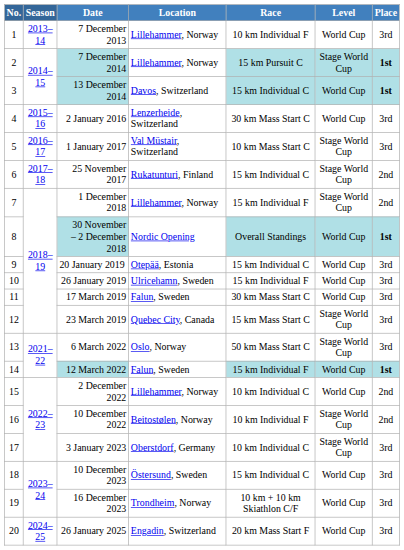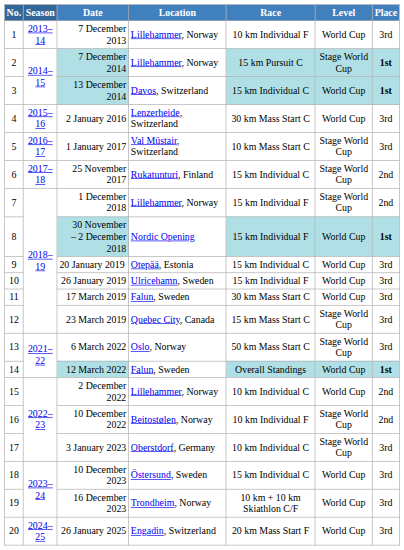 <table class="wikitable sortable" style="font-size:95%; text-align:center; border:grey solid 1px; border-collapse:collapse; background:#ffffff;">
 <tr style="background:#efefef;">
 <th style="background-color:#369; color:white;">No.</th>
 <th style="background-color:#369; color:white;">Season</th>
 <th style="background-color:#4180be; color:white; width:120px;">Date</th>
 <th style="background-color:#4180be; color:white; width:170px;">Location</th>
 <th style="background-color:#4180be; color:white; width:160px;">Race</th>
 <th style="background-color:#4180be; color:white; width:100px;">Level</th>
 <th style="background-color:#4180be; color:white;">Place</th>
 </tr>
 <tr>
 <td align=center>1</td>
 <td rowspan=1 align=center><a href='#'>2013–14</a></td>
 <td align=right>7 December 2013</td>
 <td align=left> <a href='#'>Lillehammer</a>, Norway</td>
 <td>10 km Individual F</td>
 <td>World Cup</td>
 <td>3rd</td>
 </tr>
 <tr>
 <td align=center>2</td>
 <td rowspan=2 align=center><a href='#'>2014–15</a></td>
 <td bgcolor="#BOEOE6" align=right>7 December 2014</td>
 <td align=left> <a href='#'>Lillehammer</a>, Norway</td>
 <td bgcolor="#BOEOE6">15 km Pursuit C</td>
 <td bgcolor="#BOEOE6">Stage World Cup</td>
 <td bgcolor="#BOEOE6"><strong>1st</strong></td>
 </tr>
 <tr>
 <td align=center>3</td>
 <td bgcolor="#BOEOE6" align=right>13 December 2014</td>
 <td align=left> <a href='#'>Davos</a>, Switzerland</td>
 <td bgcolor="#BOEOE6">15 km Individual C</td>
 <td bgcolor="#BOEOE6">World Cup</td>
 <td bgcolor="#BOEOE6"><strong>1st</strong></td>
 </tr>
 <tr>
 <td align=center>4</td>
 <td rowspan=1 align=center><a href='#'>2015–16</a></td>
 <td align=right>2 January 2016</td>
 <td align=left> <a href='#'>Lenzerheide</a>, Switzerland</td>
 <td>30 km Mass Start C</td>
 <td>World Cup</td>
 <td>3rd</td>
 </tr>
 <tr>
 <td align=center>5</td>
 <td rowspan=1 align=center><a href='#'>2016–17</a></td>
 <td align=right>1 January 2017</td>
 <td align=left> <a href='#'>Val Müstair</a>, Switzerland</td>
 <td>10 km Mass Start C</td>
 <td>Stage World Cup</td>
 <td>3rd</td>
 </tr>
 <tr>
 <td align=center>6</td>
 <td rowspan=1 align=center><a href='#'>2017–18</a></td>
 <td align=right>25 November 2017</td>
 <td align=left> <a href='#'>Rukatunturi</a>, Finland</td>
 <td>15 km Individual C</td>
 <td>Stage World Cup</td>
 <td>2nd</td>
 </tr>
 <tr>
 <td align=center>7</td>
 <td rowspan="6" align="center"><a href='#'>2018–19</a></td>
 <td align=right>1 December 2018</td>
 <td align=left> <a href='#'>Lillehammer</a>, Norway</td>
 <td>15 km Individual F</td>
 <td>Stage World Cup</td>
 <td>2nd</td>
 </tr>
 <tr>
 <td align=center>8</td>
 <td bgcolor="#BOEOE6" align=right>30 November<br> – 2 December 2018</td>
 <td align=left> <a href='#'>Nordic Opening</a></td>
-<td bgcolor="#BOEOE6">Overall Standings</td>
+<td bgcolor="#BOEOE6">15 km Individual F</td>
 <td bgcolor="#BOEOE6">World Cup</td>
 <td bgcolor="#BOEOE6"><strong>1st</strong></td>
 </tr>
 <tr>
 <td align=center>9</td>
 <td align="left" align=right>20 January 2019</td>
 <td align=left> <a href='#'>Otepää</a>, Estonia</td>
 <td>15 km Individual C</td>
 <td>World Cup</td>
 <td>3rd</td>
 </tr>
 <tr>
 <td align=center>10</td>
 <td align=right>26 January 2019</td>
 <td align=left> <a href='#'>Ulricehamn</a>, Sweden</td>
 <td>15 km Individual F</td>
 <td>World Cup</td>
 <td>3rd</td>
 </tr>
 <tr>
 <td align=center>11</td>
 <td align=right>17 March 2019</td>
 <td align=left> <a href='#'>Falun</a>, Sweden</td>
 <td>30 km Mass Start C</td>
 <td>World Cup</td>
 <td>3rd</td>
 </tr>
 <tr>
 <td align=center>12</td>
 <td align=right>23 March 2019</td>
 <td align=left> <a href='#'>Quebec City</a>, Canada</td>
 <td>15 km Mass Start C</td>
 <td>Stage World Cup</td>
 <td>3rd</td>
 </tr>
 <tr>
 <td align=center>13</td>
 <td rowspan="2" align="center"><a href='#'>2021–22</a></td>
 <td align=right>6 March 2022</td>
 <td align=left> <a href='#'>Oslo</a>, Norway</td>
 <td>50 km Mass Start C</td>
 <td>Stage World Cup</td>
 <td>3rd</td>
 </tr>
 <tr>
 <td align=center>14</td>
 <td bgcolor="#BOEOE6" align=right>12 March 2022</td>
 <td align=left> <a href='#'>Falun</a>, Sweden</td>
-<td bgcolor="#BOEOE6">15 km Individual F</td>
+<td bgcolor="#BOEOE6">Overall Standings</td>
 <td bgcolor="#BOEOE6">World Cup</td>
 <td bgcolor="#BOEOE6"><strong>1st</strong></td>
 </tr>
 <tr>
 <td align=center>15</td>
 <td rowspan="3" align="center"><a href='#'>2022–23</a></td>
 <td align=right>2 December 2022</td>
 <td align=left> <a href='#'>Lillehammer</a>, Norway</td>
 <td>10 km Individual C</td>
 <td>World Cup</td>
 <td>2nd</td>
 </tr>
 <tr>
 <td align=center>16</td>
 <td align=right>10 December 2022</td>
 <td align=left> <a href='#'>Beitostølen</a>, Norway</td>
 <td>10 km Individual F</td>
 <td>Stage World Cup</td>
 <td>2nd</td>
 </tr>
 <tr>
 <td align=center>17</td>
 <td align=right>3 January 2023</td>
 <td align=left> <a href='#'>Oberstdorf</a>, Germany</td>
 <td>10 km Individual C</td>
 <td>Stage World Cup</td>
 <td>3rd</td>
 </tr>
 <tr>
 <td align=center>18</td>
 <td rowspan=2 align=center><a href='#'>2023–24</a></td>
 <td align=right>10 December 2023</td>
 <td align=left> <a href='#'>Östersund</a>, Sweden</td>
 <td>15 km Individual C</td>
 <td>World Cup</td>
 <td>3rd</td>
 </tr>
 <tr>
 <td align=center>19</td>
 <td align=right>16 December 2023</td>
 <td align=left> <a href='#'>Trondheim</a>, Norway</td>
 <td>10 km + 10 km Skiathlon C/F</td>
 <td>World Cup</td>
 <td>3rd</td>
 </tr>
 <tr>
 <td align=center>20</td>
 <td align="center"><a href='#'>2024–25</a></td>
 <td align=right>26 January 2025</td>
 <td align=left> <a href='#'>Engadin</a>, Switzerland</td>
 <td>20 km Mass Start F</td>
 <td>World Cup</td>
 <td>3rd</td>
 </tr>
 </table>
